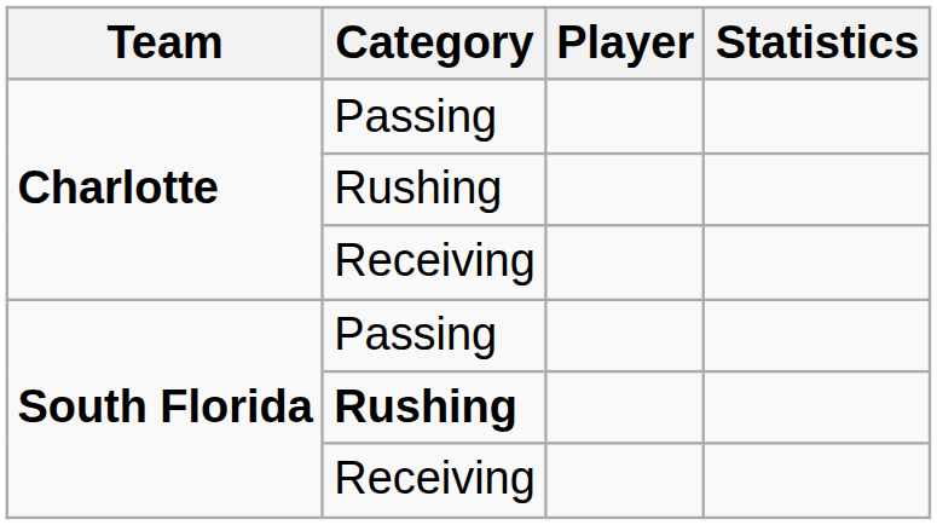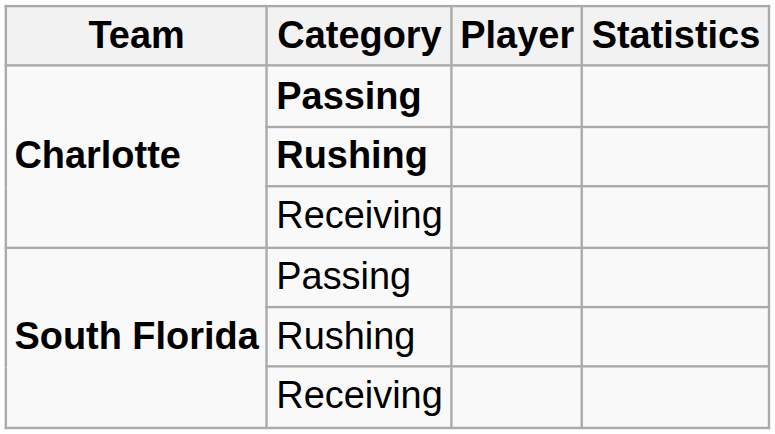 <table class="wikitable" style="float: right;">
 <tr>
 <th>Team</th>
 <th>Category</th>
 <th>Player</th>
 <th>Statistics</th>
 </tr>
 <tr>
 <td rowspan=3><strong>Charlotte</strong></td>
-<td>Passing</td>
+<td><strong>Passing</strong></td>
 <td></td>
 <td></td>
 </tr>
 <tr>
-<td>Rushing</td>
+<td><strong>Rushing</strong></td>
 <td></td>
 <td></td>
 </tr>
 <tr>
 <td>Receiving</td>
 <td></td>
 <td></td>
 </tr>
 <tr>
 <td rowspan=3><strong>South Florida</strong></td>
 <td>Passing</td>
 <td></td>
 <td></td>
 </tr>
 <tr>
-<td><strong>Rushing</strong></td>
+<td>Rushing</td>
 <td></td>
 <td></td>
 </tr>
 <tr>
 <td>Receiving</td>
 <td></td>
 <td></td>
 </tr>
 </table>
